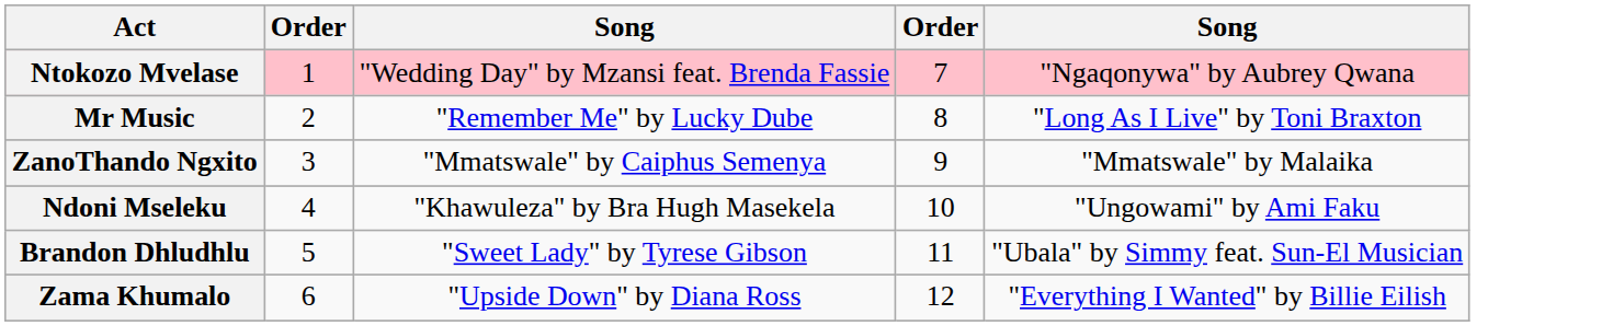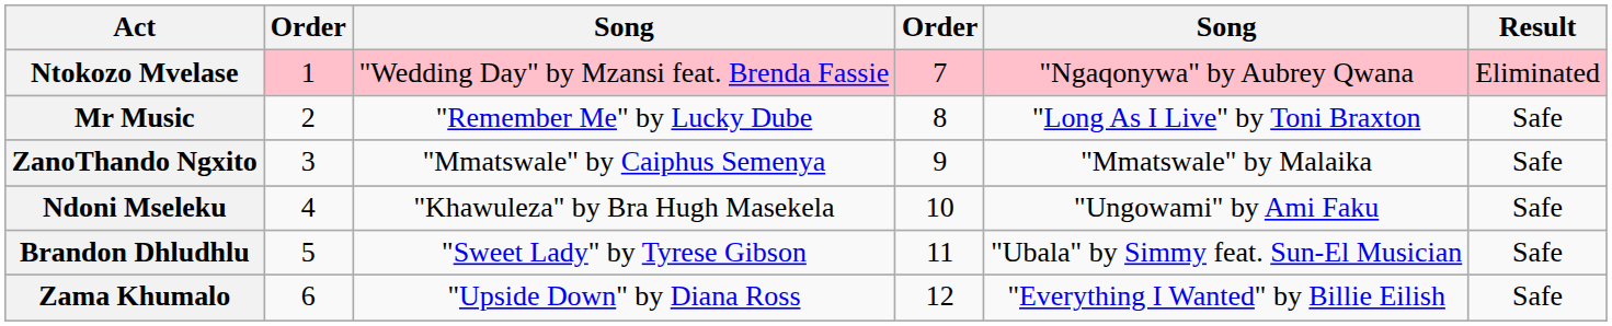 <table class="wikitable plainrowheaders" style="text-align:center;">
 <tr>
 <th scope"col">Act</th>
 <th scope"col">Order</th>
 <th scope"col">Song</th>
 <th scope"col">Order</th>
 <th scope"col">Song</th>
+<th scope"col">Result</th>
 </tr>
 <tr style="background: pink">
 <th scope=row>Ntokozo Mvelase</th>
 <td>1</td>
 <td>"Wedding Day" by Mzansi feat. <a href='#'>Brenda Fassie</a></td>
 <td>7</td>
 <td>"Ngaqonywa" by Aubrey Qwana</td>
+<td>Eliminated</td>
 </tr>
 <tr>
 <th scope=row>Mr Music</th>
 <td>2</td>
 <td>"<a href='#'>Remember Me</a>" by <a href='#'>Lucky Dube</a></td>
 <td>8</td>
 <td>"<a href='#'>Long As I Live</a>" by <a href='#'>Toni Braxton</a></td>
+<td>Safe</td>
 </tr>
 <tr>
 <th scope=row>ZanoThando Ngxito</th>
 <td>3</td>
 <td>"Mmatswale" by <a href='#'>Caiphus Semenya</a></td>
 <td>9</td>
 <td>"Mmatswale" by Malaika</td>
+<td>Safe</td>
 </tr>
 <tr>
 <th scope=row>Ndoni Mseleku</th>
 <td>4</td>
 <td>"Khawuleza" by Bra Hugh Masekela</td>
 <td>10</td>
 <td>"Ungowami" by <a href='#'>Ami Faku</a></td>
+<td>Safe</td>
 </tr>
 <tr>
 <th scope=row>Brandon Dhludhlu</th>
 <td>5</td>
 <td>"<a href='#'>Sweet Lady</a>" by <a href='#'>Tyrese Gibson</a></td>
 <td>11</td>
 <td>"Ubala" by <a href='#'>Simmy</a> feat. <a href='#'>Sun-El Musician</a></td>
+<td>Safe</td>
 </tr>
 <tr>
 <th scope=row>Zama Khumalo</th>
 <td>6</td>
 <td>"<a href='#'>Upside Down</a>" by <a href='#'>Diana Ross</a></td>
 <td>12</td>
 <td>"<a href='#'>Everything I Wanted</a>" by <a href='#'>Billie Eilish</a></td>
+<td>Safe</td>
 </tr>
 </table>
